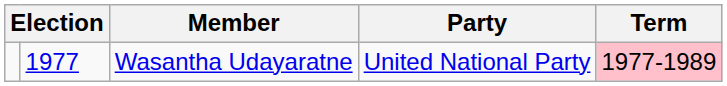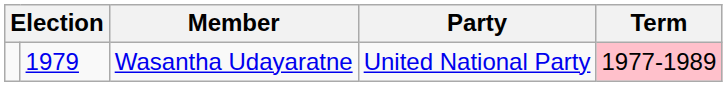 <table class="wikitable">
 <tr>
 <th colspan="2">Election</th>
 <th>Member</th>
 <th>Party</th>
 <th>Term</th>
 </tr>
 <tr>
 <td style="background-color: "></td>
-<td><a href='#'>1977</a></td>
+<td><a href='#'>1979</a></td>
 <td><a href='#'>Wasantha Udayaratne</a></td>
 <td><a href='#'>United National Party</a></td>
 <td style="background: pink;">1977-1989</td>
 </tr>
 </table>
